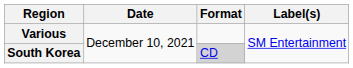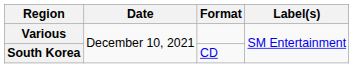 <table class="wikitable plainrowheaders">
 <tr>
 <th scope="col">Region</th>
 <th scope="col">Date</th>
 <th scope="col">Format</th>
 <th scope="col">Label(s)</th>
 </tr>
 <tr>
 <th scope="row">Various</th>
 <td rowspan="2">December 10, 2021</td>
 <td></td>
 <td rowspan="2"><a href='#'>SM Entertainment</a></td>
 </tr>
 <tr>
 <th scope="row">South Korea</th>
-<td style="background: lightgrey;"><a href='#'>CD</a></td>
+<td><a href='#'>CD</a></td>
 </tr>
 </table>
